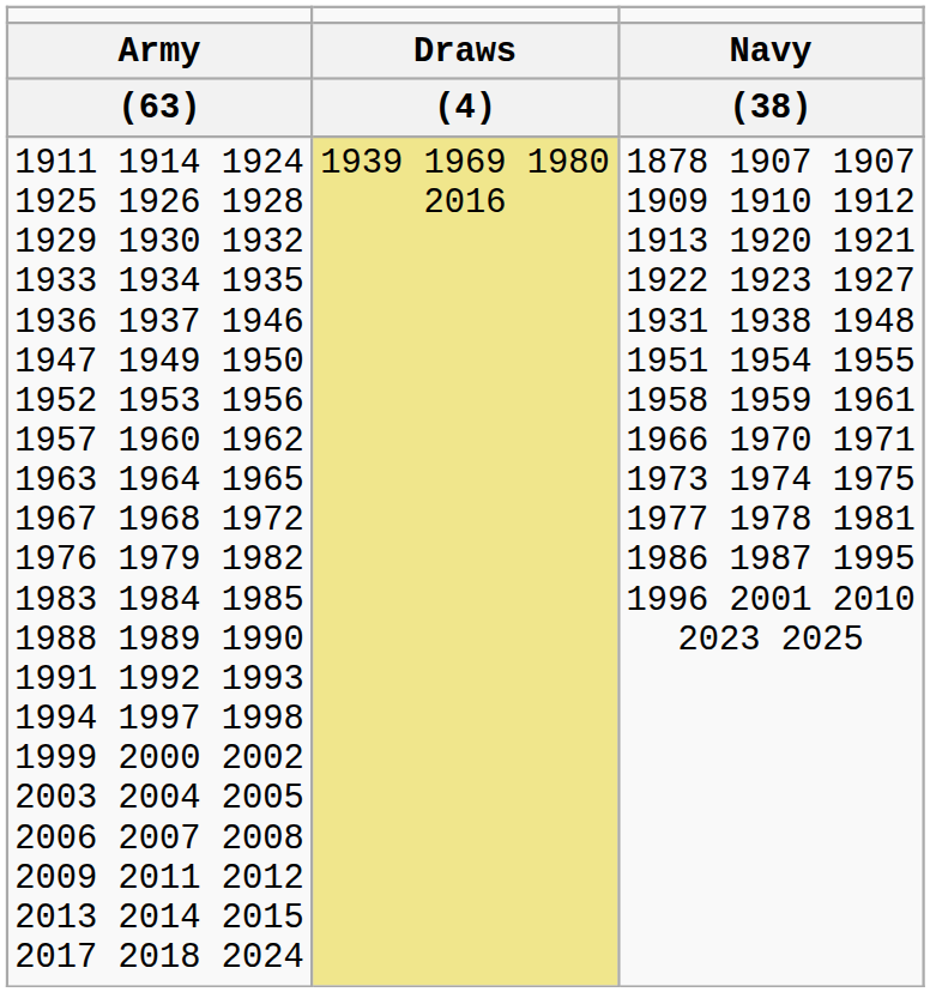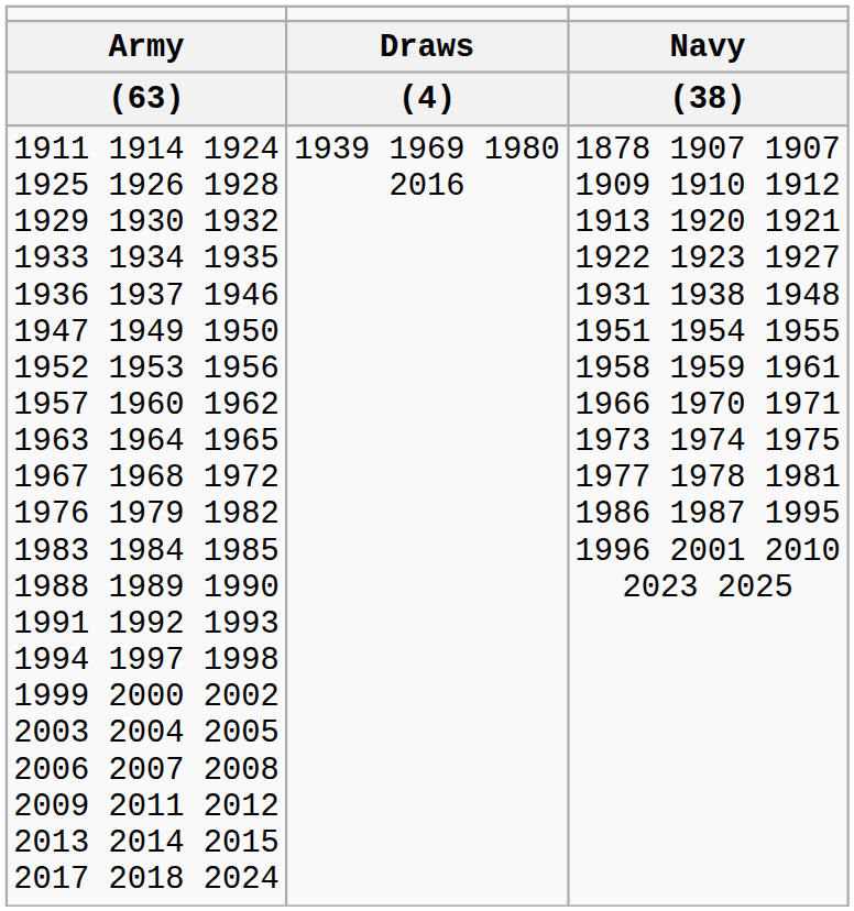 <table class="wikitable" style="text-align:center" align="right">
 <tr>
 <td></td>
 <td></td>
 </tr>
 <tr>
 <th>Army</th>
 <th>Draws</th>
 <th>Navy</th>
 </tr>
 <tr>
 <th>(63)</th>
 <th>(4)</th>
 <th>(38)</th>
 </tr>
 <tr>
 <td valign="top">1911 1914 1924<br>1925 1926 1928<br>1929 1930 1932<br>1933 1934 1935<br>1936 1937 1946<br>1947 1949 1950<br>1952 1953 1956<br>1957 1960 1962<br>1963 1964 1965<br>1967 1968 1972<br>1976 1979 1982<br>1983 1984 1985<br>1988 1989 1990<br>1991 1992 1993<br>1994 1997 1998<br>1999 2000 2002<br>2003 2004 2005<br>2006 2007 2008<br>2009 2011 2012<br>2013 2014 2015<br>2017 2018 2024</td>
-<td valign="top" style="background: khaki;">1939 1969 1980<br>2016</td>
+<td valign="top">1939 1969 1980<br>2016</td>
 <td valign="top">1878 1907 1907<br>1909 1910 1912<br>1913 1920 1921<br>1922 1923 1927<br>1931 1938 1948<br>1951 1954 1955<br>1958 1959 1961<br>1966 1970 1971<br>1973 1974 1975<br>1977 1978 1981<br>1986 1987 1995<br>1996 2001 2010<br>2023 2025</td>
 </tr>
 </table>
